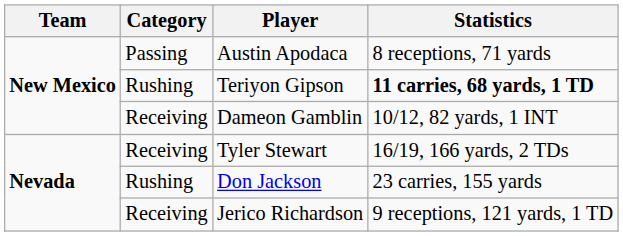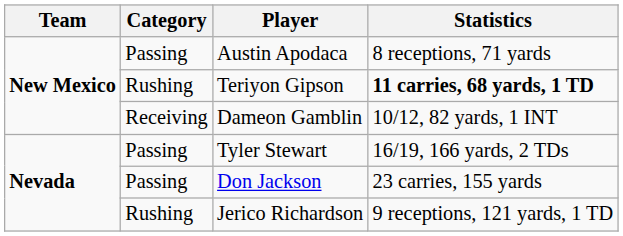 <table class="wikitable" style="float: left;">
 <tr>
 <th>Team</th>
 <th>Category</th>
 <th>Player</th>
 <th>Statistics</th>
 </tr>
 <tr>
 <td rowspan=3><strong>New Mexico</strong></td>
 <td>Passing</td>
 <td>Austin Apodaca</td>
 <td>8 receptions, 71 yards</td>
 </tr>
 <tr>
 <td>Rushing</td>
 <td>Teriyon Gipson</td>
 <td><strong>11 carries, 68 yards, 1 TD</strong></td>
 </tr>
 <tr>
 <td>Receiving</td>
 <td>Dameon Gamblin</td>
 <td>10/12, 82 yards, 1 INT</td>
 </tr>
 <tr>
 <td rowspan=3><strong>Nevada</strong></td>
-<td>Receiving</td>
+<td>Passing</td>
 <td>Tyler Stewart</td>
 <td>16/19, 166 yards, 2 TDs</td>
 </tr>
 <tr>
-<td>Rushing</td>
+<td>Passing</td>
 <td><a href='#'>Don Jackson</a></td>
 <td>23 carries, 155 yards</td>
 </tr>
 <tr>
-<td>Receiving</td>
+<td>Rushing</td>
 <td>Jerico Richardson</td>
 <td>9 receptions, 121 yards, 1 TD</td>
 </tr>
 </table>
